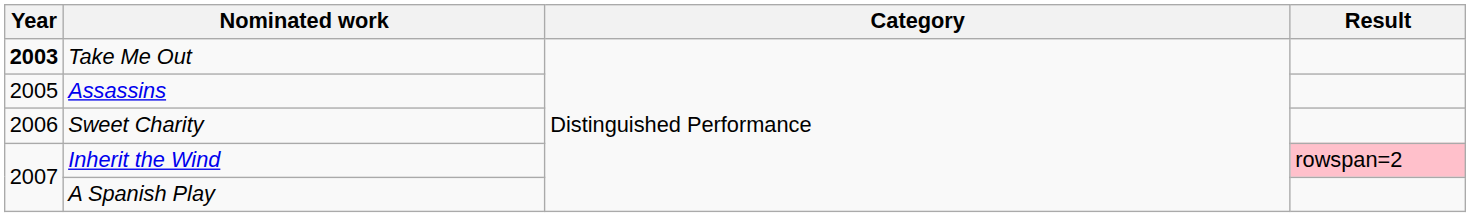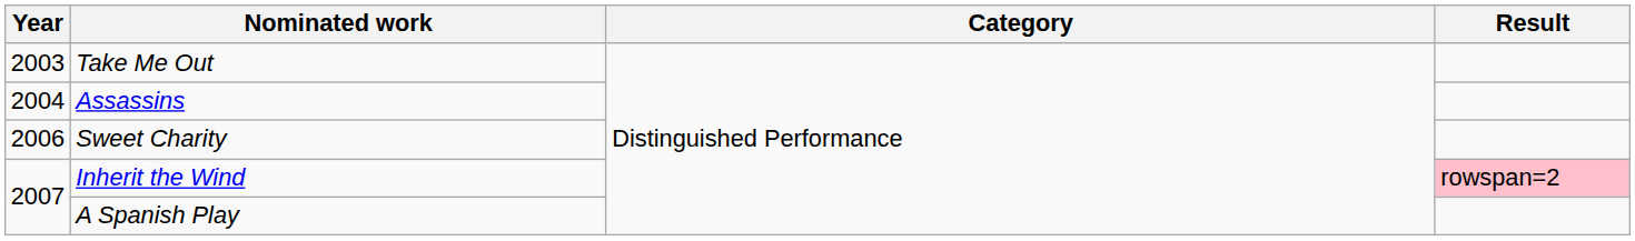 <table class=wikitable>
 <tr>
 <th width=4%>Year</th>
 <th width=33%>Nominated work</th>
 <th width=51%>Category</th>
 <th width=12%>Result</th>
 </tr>
 <tr>
-<td><strong>2003</strong></td>
+<td>2003</td>
 <td><em>Take Me Out</em></td>
 <td rowspan=5>Distinguished Performance</td>
 <td></td>
 </tr>
 <tr>
-<td>2005</td>
+<td>2004</td>
 <td><em><a href='#'>Assassins</a></em></td>
 <td></td>
 </tr>
 <tr>
 <td>2006</td>
 <td><em>Sweet Charity</em></td>
 <td></td>
 </tr>
 <tr>
 <td rowspan=2>2007</td>
 <td><em><a href='#'>Inherit the Wind</a></em></td>
 <td style="background: pink;">rowspan=2 </td>
 </tr>
 <tr>
 <td><em>A Spanish Play</em></td>
 </tr>
 </table>
